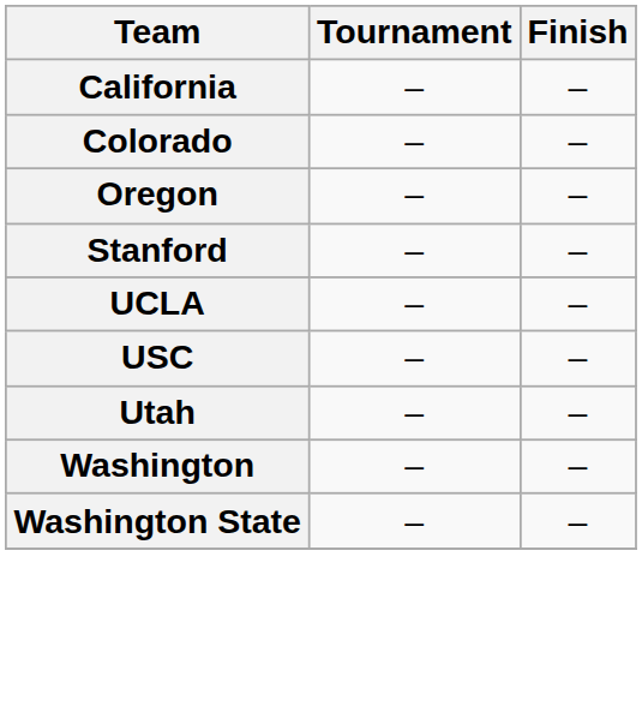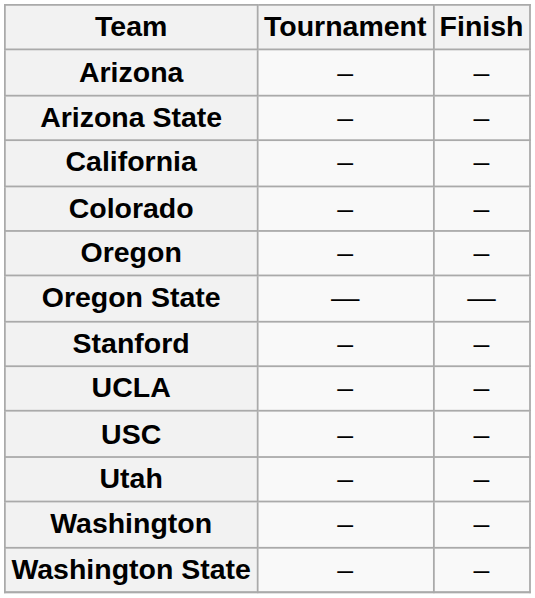 <table class="wikitable">
 <tr>
 <th>Team</th>
 <th>Tournament</th>
 <th>Finish</th>
+</tr>
+<tr style="text-align:center;">
+<th>Arizona</th>
+<td>–</td>
+<td>–</td>
+</tr>
+<tr style="text-align:center;">
+<th>Arizona State</th>
+<td>–</td>
+<td>–</td>
 </tr>
 <tr style="text-align:center;">
 <th>California</th>
 <td>–</td>
 <td>–</td>
 </tr>
 <tr style="text-align:center;">
 <th>Colorado</th>
 <td>–</td>
 <td>–</td>
 </tr>
 <tr style="text-align:center;">
 <th>Oregon</th>
 <td>–</td>
 <td>–</td>
+</tr>
+<tr style="text-align:center;">
+<th>Oregon State</th>
+<td>—</td>
+<td>—</td>
 </tr>
 <tr style="text-align:center;">
 <th>Stanford</th>
 <td>–</td>
 <td>–</td>
 </tr>
 <tr style="text-align:center;">
 <th>UCLA</th>
 <td>–</td>
 <td>–</td>
 </tr>
 <tr style="text-align:center;">
 <th>USC</th>
 <td>–</td>
 <td>–</td>
 </tr>
 <tr style="text-align:center;">
 <th>Utah</th>
 <td>–</td>
 <td>–</td>
 </tr>
 <tr style="text-align:center;">
 <th>Washington</th>
 <td>–</td>
 <td>–</td>
 </tr>
 <tr style="text-align:center;">
 <th>Washington State</th>
 <td>–</td>
 <td>–</td>
 </tr>
 <tr>
 </tr>
 </table>
